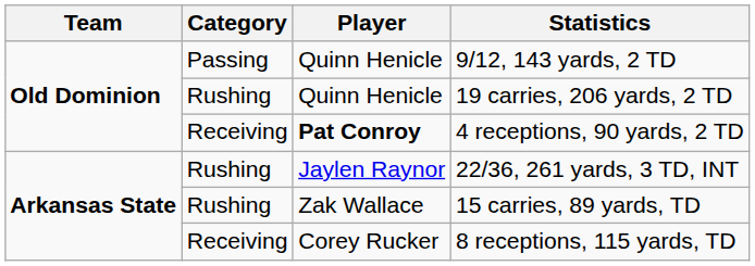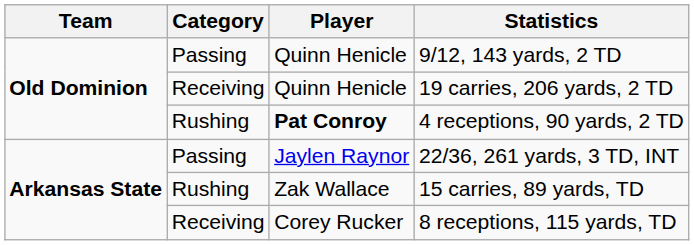 <table class="wikitable" style="float: right;">
 <tr>
 <th>Team</th>
 <th>Category</th>
 <th>Player</th>
 <th>Statistics</th>
 </tr>
 <tr>
 <td rowspan=3><strong>Old Dominion</strong></td>
 <td>Passing</td>
 <td>Quinn Henicle</td>
 <td>9/12, 143 yards, 2 TD</td>
 </tr>
 <tr>
-<td>Rushing</td>
+<td>Receiving</td>
 <td>Quinn Henicle</td>
 <td>19 carries, 206 yards, 2 TD</td>
 </tr>
 <tr>
-<td>Receiving</td>
+<td>Rushing</td>
 <td><strong>Pat Conroy</strong></td>
 <td>4 receptions, 90 yards, 2 TD</td>
 </tr>
 <tr>
 <td rowspan=3><strong>Arkansas State</strong></td>
-<td>Rushing</td>
+<td>Passing</td>
 <td><a href='#'>Jaylen Raynor</a></td>
 <td>22/36, 261 yards, 3 TD, INT</td>
 </tr>
 <tr>
 <td>Rushing</td>
 <td>Zak Wallace</td>
 <td>15 carries, 89 yards, TD</td>
 </tr>
 <tr>
 <td>Receiving</td>
 <td>Corey Rucker</td>
 <td>8 receptions, 115 yards, TD</td>
 </tr>
 </table>
